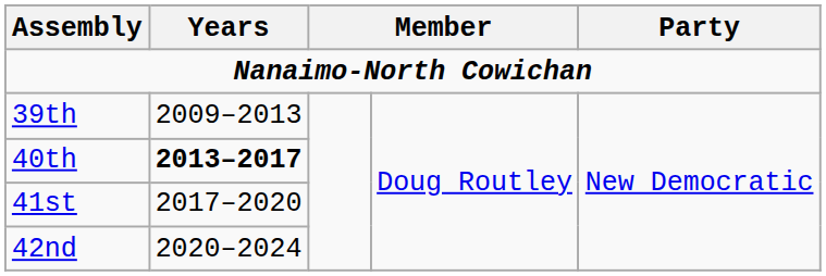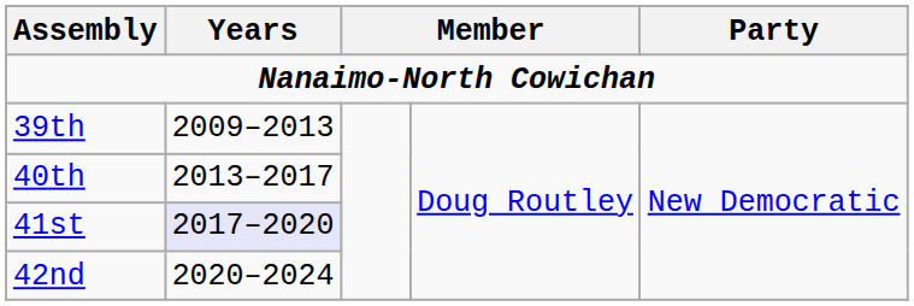 <table class="wikitable">
 <tr>
 <th>Assembly</th>
 <th>Years</th>
 <th colspan="2">Member</th>
 <th>Party</th>
 </tr>
 <tr>
 <td colspan="5" align="center"><strong><em>Nanaimo-North Cowichan</em></strong></td>
 </tr>
 <tr>
 <td><a href='#'>39th</a></td>
 <td>2009–2013</td>
 <td rowspan=4 >   </td>
 <td rowspan=4><a href='#'>Doug Routley</a></td>
 <td rowspan=4><a href='#'>New Democratic</a></td>
 </tr>
 <tr>
 <td><a href='#'>40th</a></td>
-<td><strong>2013–2017</strong></td>
+<td>2013–2017</td>
 </tr>
 <tr>
 <td><a href='#'>41st</a></td>
-<td>2017–2020</td>
+<td style="background: lavender;">2017–2020</td>
 </tr>
 <tr>
 <td><a href='#'>42nd</a></td>
 <td>2020–2024</td>
 </tr>
 </table>
